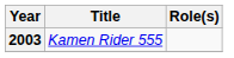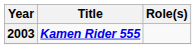 <table class="wikitable sortable"  width="auto">
 <tr>
 <th>Year</th>
 <th>Title</th>
 <th>Role(s)</th>
 </tr>
 <tr>
 <th>2003</th>
-<td><em><a href='#'>Kamen Rider 555</a></em></td>
+<td><strong><em><a href='#'>Kamen Rider 555</a></em></strong></td>
 <td></td>
 </tr>
 <tr>
 </tr>
 </table>
